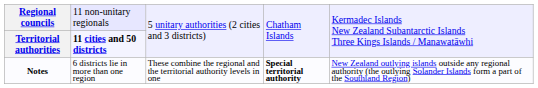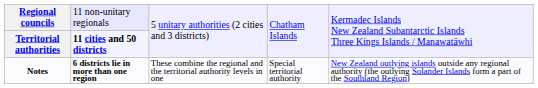 <table class="wikitable">
 <tr>
 <th><a href='#'>Regional councils</a></th>
 <td style="background:#e7e7ff;">11 non-unitary regionals</td>
 <td rowspan=2 style="background:#eef;">5 <a href='#'>unitary authorities</a> (2 cities and 3 districts)</td>
 <td rowspan=2 style="background:#eef;"><a href='#'>Chatham Islands</a></td>
 <td rowspan=2 style="background:#eef;"><a href='#'>Kermadec Islands</a><br><a href='#'>New Zealand Subantarctic Islands</a><br><a href='#'>Three Kings Islands / Manawatāwhi</a></td>
 </tr>
 <tr>
 <th><a href='#'>Territorial authorities</a></th>
 <td style="background:#f4f4ff;"><strong>11 <a href='#'>cities</a> and 50 <a href='#'>districts</a></strong></td>
 </tr>
 <tr style="line-height:12px;font-size:90%;">
 <th style="background:#fcfcff;">Notes</th>
-<td style="background:#fcfcff;">6 districts lie in more than one region</td>
+<td style="background:#fcfcff;"><strong>6 districts lie in more than one region</strong></td>
 <td style="background:#fcfcff;">These combine the regional and the territorial authority levels in one</td>
-<td style="background:#fcfcff;"><strong>Special territorial authority</strong></td>
+<td style="background:#fcfcff;">Special territorial authority</td>
 <td colspan=1 style="background:#fcfcff;"><a href='#'>New Zealand outlying islands</a> outside any regional authority (the outlying <a href='#'>Solander Islands</a> form a part of the <a href='#'>Southland Region</a>)</td>
 </tr>
 </table>
